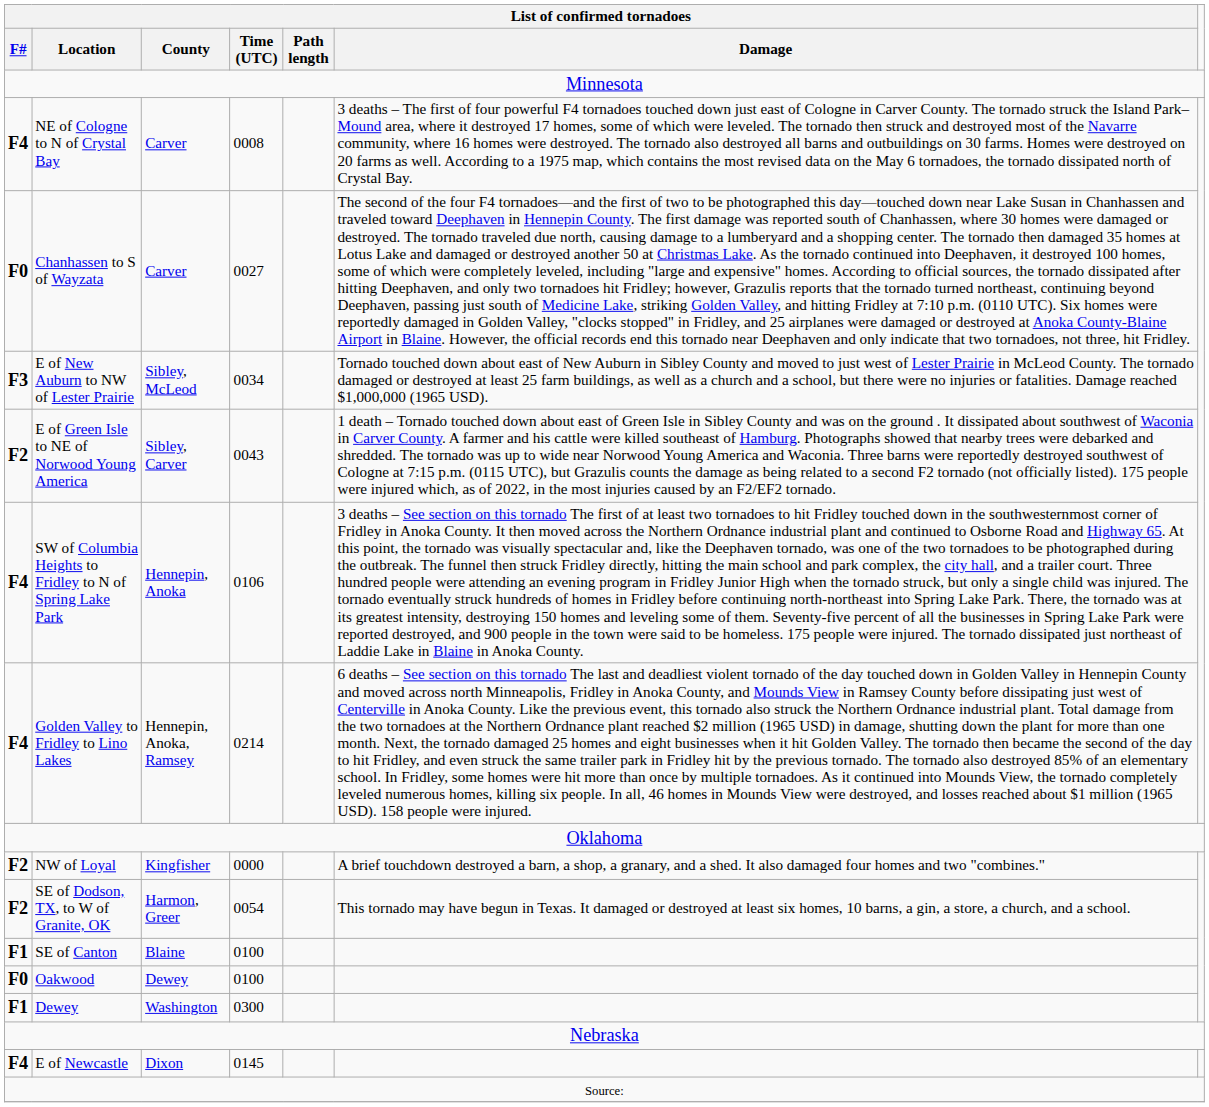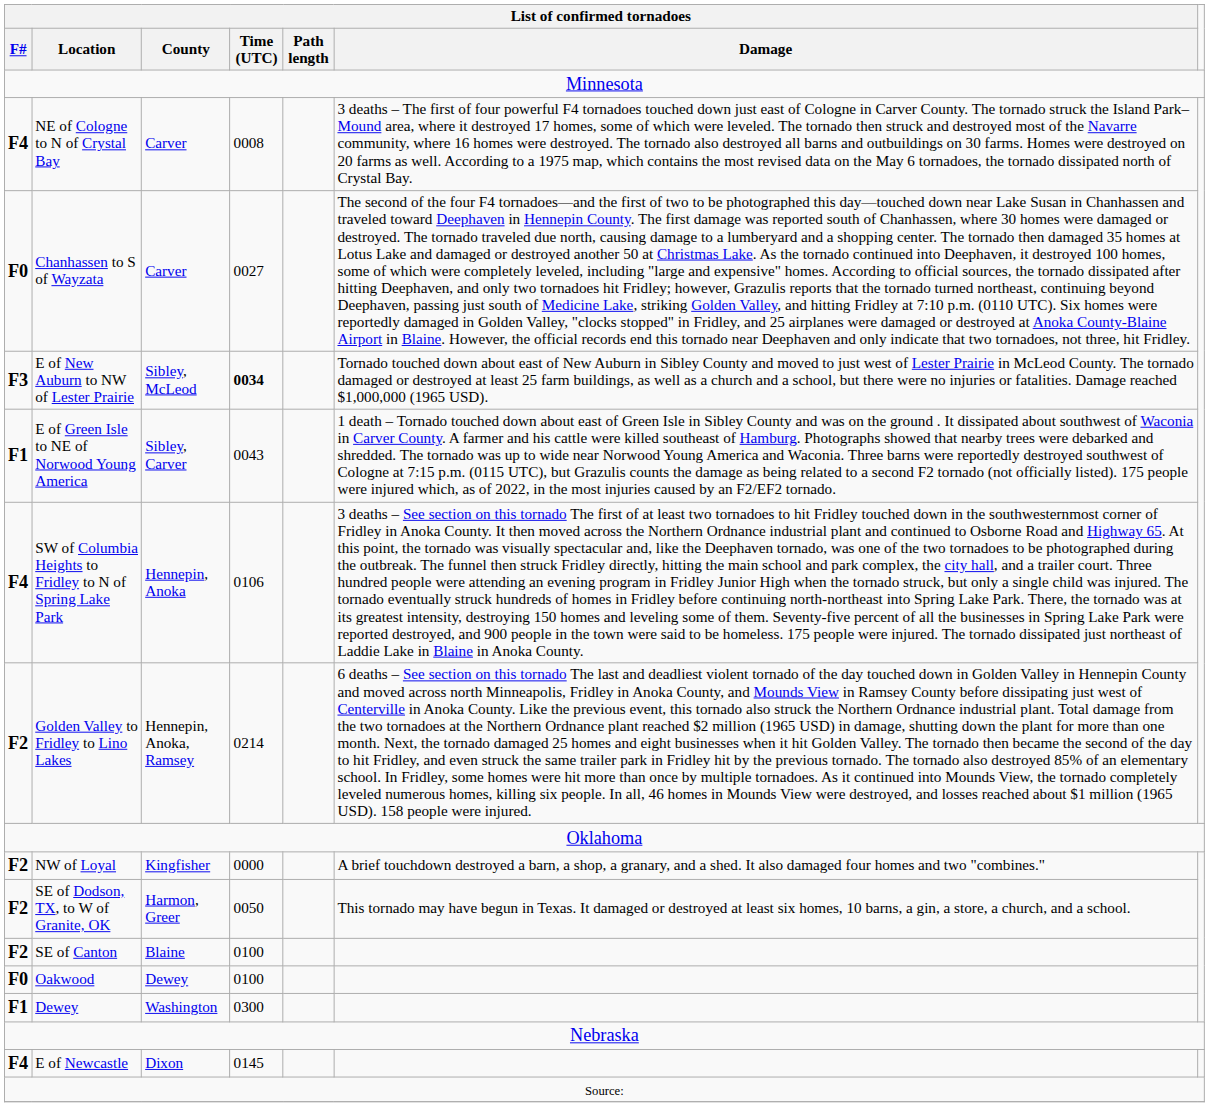 <table class="wikitable collapsible" style="width:100%;">
 <tr>
 <th colspan="6">List of confirmed tornadoes</th>
 </tr>
 <tr>
 <th><a href='#'>F#</a></th>
 <th>Location</th>
 <th>County</th>
 <th>Time (UTC)</th>
 <th>Path length</th>
 <th>Damage</th>
 </tr>
 <tr>
 <td colspan="7" style="text-align:center;"><big><a href='#'>Minnesota</a></big></td>
 </tr>
 <tr>
 <td><big><strong>F4</strong></big></td>
 <td>NE of <a href='#'>Cologne</a> to N of <a href='#'>Crystal Bay</a></td>
 <td><a href='#'>Carver</a></td>
 <td>0008</td>
 <td></td>
 <td>3 deaths – The first of four powerful F4 tornadoes touched down just east of Cologne in Carver County. The tornado struck the Island Park–<a href='#'>Mound</a> area, where it destroyed 17 homes, some of which were leveled. The tornado then struck and destroyed most of the <a href='#'>Navarre</a> community, where 16 homes were destroyed. The tornado also destroyed all barns and outbuildings on 30 farms. Homes were destroyed on 20 farms as well. According to a 1975 map, which contains the most revised data on the May 6 tornadoes, the tornado dissipated north of Crystal Bay.</td>
 </tr>
 <tr>
 <td><big><strong>F0</strong></big></td>
 <td><a href='#'>Chanhassen</a> to S of <a href='#'>Wayzata</a></td>
 <td><a href='#'>Carver</a></td>
 <td>0027</td>
 <td></td>
 <td>The second of the four F4 tornadoes—and the first of two to be photographed this day—touched down near Lake Susan in Chanhassen and traveled  toward <a href='#'>Deephaven</a> in <a href='#'>Hennepin County</a>. The first damage was reported south of Chanhassen, where 30 homes were damaged or destroyed. The tornado traveled due north, causing damage to a lumberyard and a shopping center. The tornado then damaged 35 homes at Lotus Lake and damaged or destroyed another 50 at <a href='#'>Christmas Lake</a>. As the tornado continued into Deephaven, it destroyed 100 homes, some of which were completely leveled, including "large and expensive" homes. According to official sources, the tornado dissipated after hitting Deephaven, and only two tornadoes hit Fridley; however, Grazulis reports that the tornado turned northeast, continuing beyond Deephaven, passing just south of <a href='#'>Medicine Lake</a>, striking <a href='#'>Golden Valley</a>, and hitting Fridley at 7:10 p.m. (0110 UTC). Six homes were reportedly damaged in Golden Valley, "clocks stopped" in Fridley, and 25 airplanes were damaged or destroyed at <a href='#'>Anoka County-Blaine Airport</a> in <a href='#'>Blaine</a>. However, the official records end this tornado near Deephaven and only indicate that two tornadoes, not three, hit Fridley.</td>
 </tr>
 <tr>
 <td><big><strong>F3</strong></big></td>
 <td>E of <a href='#'>New Auburn</a> to NW of <a href='#'>Lester Prairie</a></td>
 <td><a href='#'>Sibley</a>, <a href='#'>McLeod</a></td>
-<td>0034</td>
+<td><strong>0034</strong></td>
 <td></td>
 <td>Tornado touched down about  east of New Auburn in Sibley County and moved to just west of <a href='#'>Lester Prairie</a> in McLeod County. The tornado damaged or destroyed at least 25 farm buildings, as well as a church and a school, but there were no injuries or fatalities. Damage reached $1,000,000 (1965 USD).</td>
 </tr>
 <tr>
-<td><big><strong>F2</strong></big></td>
+<td><big><strong>F1</strong></big></td>
 <td>E of <a href='#'>Green Isle</a> to NE of <a href='#'>Norwood Young America</a></td>
 <td><a href='#'>Sibley</a>, <a href='#'>Carver</a></td>
 <td>0043</td>
 <td></td>
 <td>1 death – Tornado touched down about  east of Green Isle in Sibley County and was on the ground . It dissipated about  southwest of <a href='#'>Waconia</a> in <a href='#'>Carver County</a>. A farmer and his cattle were killed  southeast of <a href='#'>Hamburg</a>. Photographs showed that nearby trees were debarked and shredded. The tornado was up to  wide near Norwood Young America and Waconia. Three barns were reportedly destroyed southwest of Cologne at 7:15 p.m. (0115 UTC), but Grazulis counts the damage as being related to a second F2 tornado (not officially listed). 175 people were injured which, as of 2022, in the most injuries caused by an F2/EF2 tornado.</td>
 </tr>
 <tr>
 <td><big><strong>F4</strong></big></td>
 <td>SW of <a href='#'>Columbia Heights</a> to <a href='#'>Fridley</a> to N of <a href='#'>Spring Lake Park</a></td>
 <td><a href='#'>Hennepin</a>, <a href='#'>Anoka</a></td>
 <td>0106</td>
 <td></td>
 <td>3 deaths – <a href='#'>See section on this tornado</a> The first of at least two tornadoes to hit Fridley touched down in the southwesternmost corner of Fridley in Anoka County. It then moved across the Northern Ordnance industrial plant and continued to Osborne Road and <a href='#'>Highway 65</a>. At this point, the tornado was visually spectacular and, like the Deephaven tornado, was one of the two tornadoes to be photographed during the outbreak. The funnel then struck Fridley directly, hitting the main school and park complex, the <a href='#'>city hall</a>, and a trailer court. Three hundred people were attending an evening program in Fridley Junior High when the tornado struck, but only a single child was injured. The tornado eventually struck hundreds of homes in Fridley before continuing north-northeast into Spring Lake Park. There, the tornado was at its greatest intensity, destroying 150 homes and leveling some of them. Seventy-five percent of all the businesses in Spring Lake Park were reported destroyed, and 900 people in the town were said to be homeless. 175 people were injured. The tornado dissipated just northeast of Laddie Lake in <a href='#'>Blaine</a> in Anoka County.</td>
 </tr>
 <tr>
-<td><big><strong>F4</strong></big></td>
+<td><big><strong>F2</strong></big></td>
 <td><a href='#'>Golden Valley</a> to <a href='#'>Fridley</a> to <a href='#'>Lino Lakes</a></td>
 <td>Hennepin, Anoka, <a href='#'>Ramsey</a></td>
 <td>0214</td>
 <td></td>
 <td>6 deaths – <a href='#'>See section on this tornado</a> The last and deadliest violent tornado of the day touched down in Golden Valley in Hennepin County and moved across north Minneapolis, Fridley in Anoka County, and <a href='#'>Mounds View</a> in Ramsey County before dissipating just west of <a href='#'>Centerville</a> in Anoka County. Like the previous event, this tornado also struck the Northern Ordnance industrial plant. Total damage from the two tornadoes at the Northern Ordnance plant reached $2 million (1965 USD) in damage, shutting down the plant for more than one month. Next, the tornado damaged 25 homes and eight businesses when it hit Golden Valley.  The tornado then became the second of the day to hit Fridley, and even struck the same trailer park in Fridley hit by the previous tornado. The tornado also destroyed 85% of an elementary school. In Fridley, some homes were hit more than once by multiple tornadoes. As it continued into Mounds View, the tornado completely leveled numerous homes, killing six people. In all, 46 homes in Mounds View were destroyed, and losses reached about $1 million (1965 USD). 158 people were injured.</td>
 </tr>
 <tr>
 <td colspan="7" style="text-align:center;"><big><a href='#'>Oklahoma</a></big></td>
 </tr>
 <tr>
 <td><big><strong>F2</strong></big></td>
 <td>NW of <a href='#'>Loyal</a></td>
 <td><a href='#'>Kingfisher</a></td>
 <td>0000</td>
 <td></td>
 <td>A brief touchdown destroyed a barn, a shop, a granary, and a shed. It also damaged four homes and two "combines."</td>
 </tr>
 <tr>
 <td><big><strong>F2</strong></big></td>
 <td>SE of <a href='#'>Dodson, TX</a>, to W of <a href='#'>Granite, OK</a></td>
 <td><a href='#'>Harmon</a>, <a href='#'>Greer</a></td>
-<td>0054</td>
+<td>0050</td>
 <td></td>
 <td>This tornado may have begun in Texas. It damaged or destroyed at least six homes, 10 barns, a gin, a store, a church, and a school.</td>
 </tr>
 <tr>
-<td><big><strong>F1</strong></big></td>
+<td><big><strong>F2</strong></big></td>
 <td>SE of <a href='#'>Canton</a></td>
 <td><a href='#'>Blaine</a></td>
 <td>0100</td>
 <td></td>
 <td></td>
 </tr>
 <tr>
 <td><big><strong>F0</strong></big></td>
 <td><a href='#'>Oakwood</a></td>
 <td><a href='#'>Dewey</a></td>
 <td>0100</td>
 <td></td>
 <td></td>
 </tr>
 <tr>
 <td><big><strong>F1</strong></big></td>
 <td><a href='#'>Dewey</a></td>
 <td><a href='#'>Washington</a></td>
 <td>0300</td>
 <td></td>
 <td></td>
 </tr>
 <tr>
 <td colspan="7" style="text-align:center;"><big><a href='#'>Nebraska</a></big></td>
 </tr>
 <tr>
 <td><big><strong>F4</strong></big></td>
 <td>E of <a href='#'>Newcastle</a></td>
 <td><a href='#'>Dixon</a></td>
 <td>0145</td>
 <td></td>
 <td></td>
 <td></td>
 </tr>
 <tr>
 <td colspan="7" align=center><small>Source: </small></td>
 </tr>
 <tr>
 </tr>
 </table>
